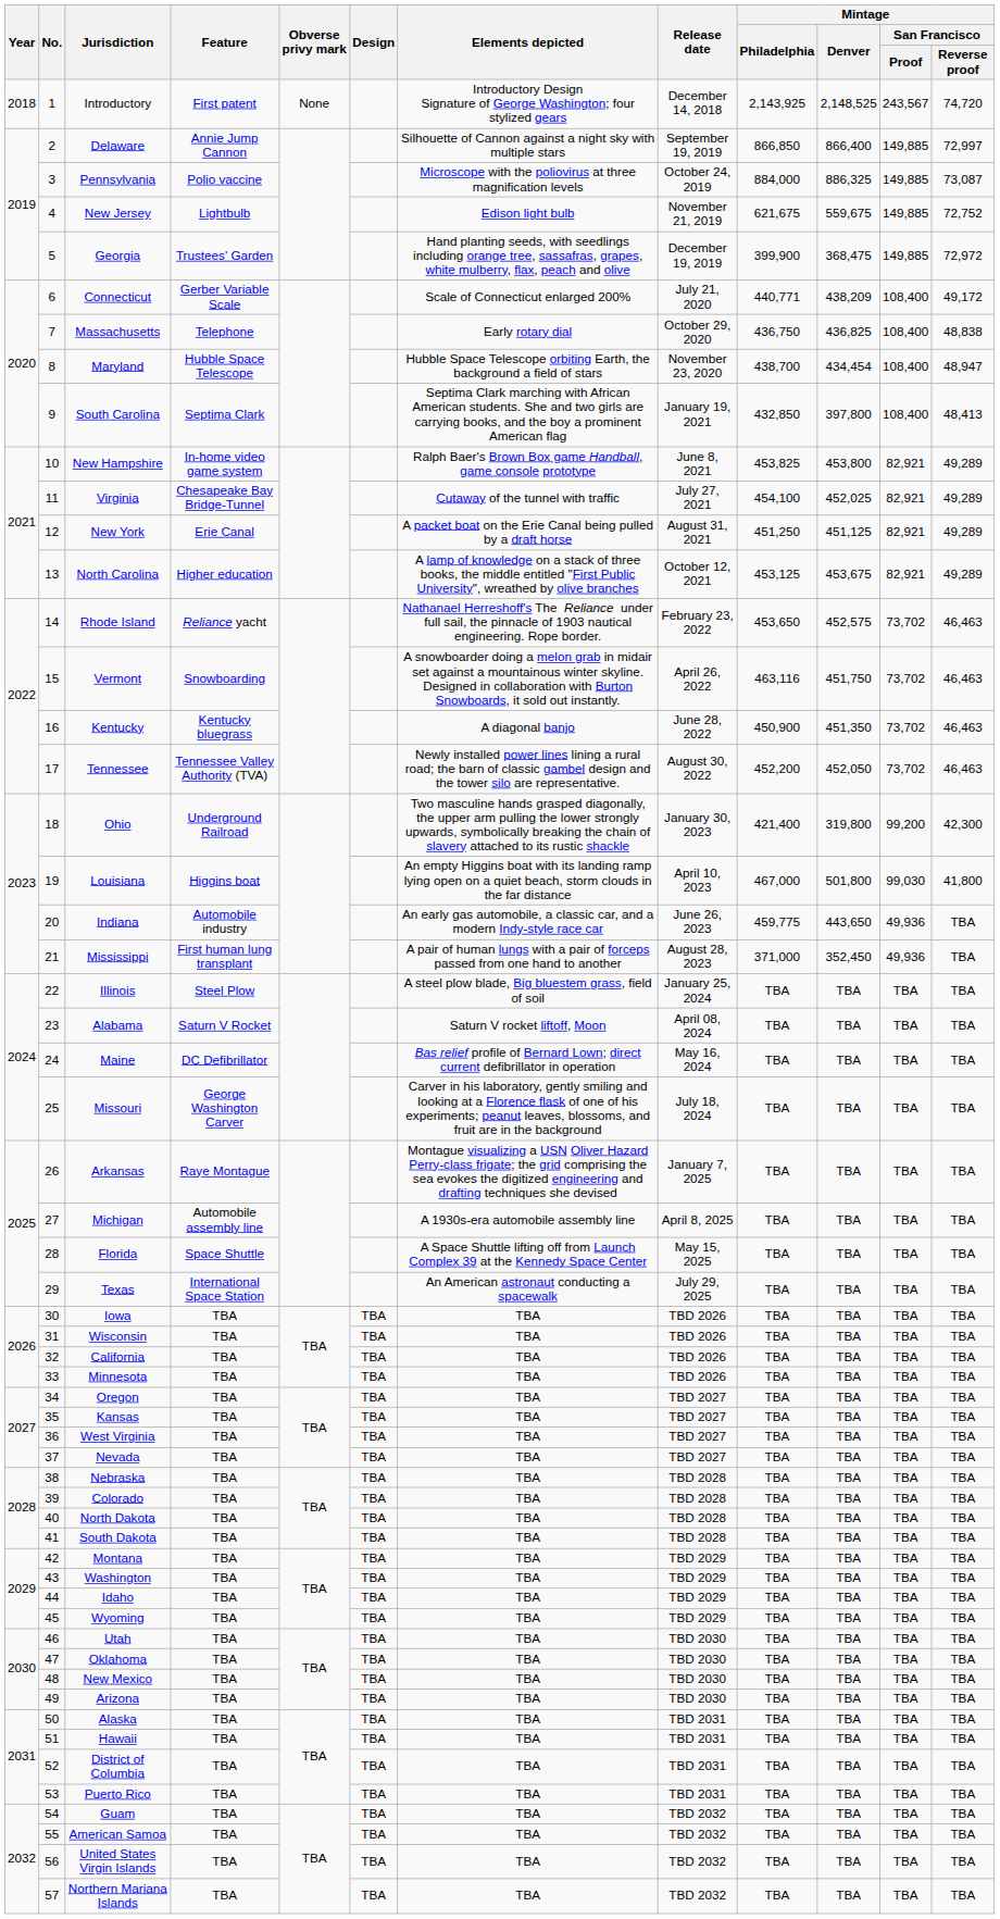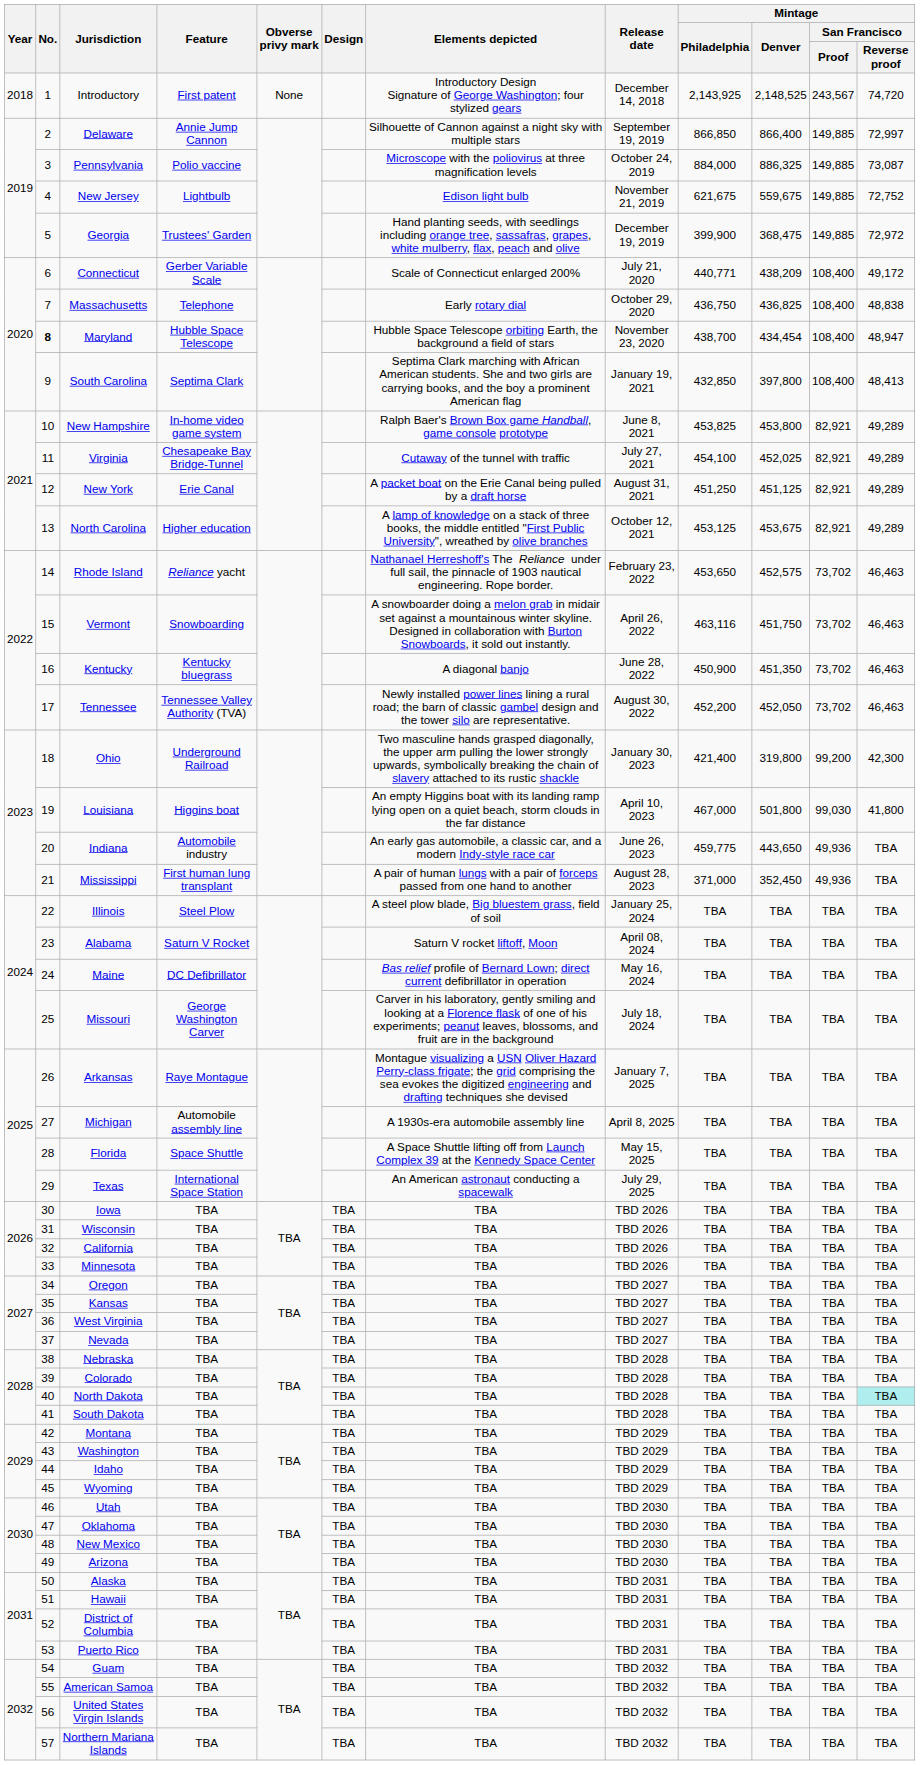 <table class="wikitable sortable" style="text-align: center">
 <tr>
 <th rowspan="3">Year</th>
 <th rowspan="3">No.</th>
 <th rowspan="3">Jurisdiction</th>
 <th rowspan="3">Feature</th>
 <th rowspan="3">Obverse privy mark</th>
 <th rowspan="3">Design</th>
 <th rowspan="3">Elements depicted</th>
 <th rowspan="3">Release date</th>
 <th colspan="4">Mintage</th>
 </tr>
 <tr>
 <th rowspan="2">Philadelphia</th>
 <th rowspan="2">Denver</th>
 <th colspan="2">San Francisco</th>
 </tr>
 <tr>
 <th>Proof</th>
 <th>Reverse proof</th>
 </tr>
 <tr>
 <td rowspan="1">2018</td>
 <td>1</td>
 <td>Introductory</td>
 <td><a href='#'>First patent</a></td>
 <td>None</td>
 <td></td>
 <td>Introductory Design<br>Signature of <a href='#'>George Washington</a>; four stylized <a href='#'>gears</a></td>
 <td>December 14, 2018</td>
 <td>2,143,925</td>
 <td>2,148,525</td>
 <td>243,567</td>
 <td>74,720</td>
 </tr>
 <tr>
 <td rowspan="4">2019</td>
 <td>2</td>
 <td><a href='#'>Delaware</a></td>
 <td><a href='#'>Annie Jump Cannon</a></td>
 <td rowspan="4"></td>
 <td></td>
 <td>Silhouette of Cannon against a night sky with multiple stars</td>
 <td>September 19, 2019</td>
 <td>866,850</td>
 <td>866,400</td>
 <td>149,885</td>
 <td>72,997</td>
 </tr>
 <tr>
 <td>3</td>
 <td><a href='#'>Pennsylvania</a></td>
 <td><a href='#'>Polio vaccine</a></td>
 <td></td>
 <td><a href='#'>Microscope</a> with the <a href='#'>poliovirus</a> at three magnification levels</td>
 <td>October 24, 2019</td>
 <td>884,000</td>
 <td>886,325</td>
 <td>149,885</td>
 <td>73,087</td>
 </tr>
 <tr>
 <td>4</td>
 <td><a href='#'>New Jersey</a></td>
 <td><a href='#'>Lightbulb</a></td>
 <td></td>
 <td><a href='#'>Edison light bulb</a></td>
 <td>November 21, 2019</td>
 <td>621,675</td>
 <td>559,675</td>
 <td>149,885</td>
 <td>72,752</td>
 </tr>
 <tr>
 <td>5</td>
 <td><a href='#'>Georgia</a></td>
 <td><a href='#'>Trustees' Garden</a></td>
 <td></td>
 <td>Hand planting seeds, with seedlings including <a href='#'>orange tree</a>, <a href='#'>sassafras</a>, <a href='#'>grapes</a>, <a href='#'>white mulberry</a>, <a href='#'>flax</a>, <a href='#'>peach</a> and <a href='#'>olive</a></td>
 <td>December 19, 2019</td>
 <td>399,900</td>
 <td>368,475</td>
 <td>149,885</td>
 <td>72,972</td>
 </tr>
 <tr>
 <td rowspan="4">2020</td>
 <td>6</td>
 <td><a href='#'>Connecticut</a></td>
 <td><a href='#'>Gerber Variable Scale</a></td>
 <td rowspan="4"></td>
 <td></td>
 <td>Scale of Connecticut enlarged 200%</td>
 <td>July 21, 2020</td>
 <td>440,771</td>
 <td>438,209</td>
 <td>108,400</td>
 <td>49,172</td>
 </tr>
 <tr>
 <td>7</td>
 <td><a href='#'>Massachusetts</a></td>
 <td><a href='#'>Telephone</a></td>
 <td><br></td>
 <td>Early <a href='#'>rotary dial</a></td>
 <td>October 29, 2020</td>
 <td>436,750</td>
 <td>436,825</td>
 <td>108,400</td>
 <td>48,838</td>
 </tr>
 <tr>
-<td>8</td>
+<td><strong>8</strong></td>
 <td><a href='#'>Maryland</a></td>
 <td><a href='#'>Hubble Space Telescope</a></td>
 <td></td>
 <td>Hubble Space Telescope <a href='#'>orbiting</a> Earth, the background a field of stars</td>
 <td>November 23, 2020</td>
 <td>438,700</td>
 <td>434,454</td>
 <td>108,400</td>
 <td>48,947</td>
 </tr>
 <tr>
 <td>9</td>
 <td><a href='#'>South Carolina</a></td>
 <td><a href='#'>Septima Clark</a></td>
 <td></td>
 <td>Septima Clark marching with African American students. She and two girls are carrying books, and the boy a prominent American flag</td>
 <td>January 19, 2021</td>
 <td>432,850</td>
 <td>397,800</td>
 <td>108,400</td>
 <td>48,413</td>
 </tr>
 <tr>
 <td rowspan="4">2021</td>
 <td>10</td>
 <td><a href='#'>New Hampshire</a></td>
 <td><a href='#'>In-home video game system</a></td>
 <td rowspan="4"></td>
 <td></td>
 <td>Ralph Baer's <a href='#'>Brown Box game <em>Handball</em></a>, <a href='#'>game console</a> <a href='#'>prototype</a></td>
 <td>June 8, 2021</td>
 <td>453,825</td>
 <td>453,800</td>
 <td>82,921</td>
 <td>49,289</td>
 </tr>
 <tr>
 <td>11</td>
 <td><a href='#'>Virginia</a></td>
 <td><a href='#'>Chesapeake Bay Bridge-Tunnel</a></td>
 <td></td>
 <td><a href='#'>Cutaway</a> of the tunnel with traffic</td>
 <td>July 27, 2021</td>
 <td>454,100</td>
 <td>452,025</td>
 <td>82,921</td>
 <td>49,289</td>
 </tr>
 <tr>
 <td>12</td>
 <td><a href='#'>New York</a></td>
 <td><a href='#'>Erie Canal</a></td>
 <td></td>
 <td>A <a href='#'>packet boat</a> on the Erie Canal being pulled by a <a href='#'>draft horse</a></td>
 <td>August 31, 2021</td>
 <td>451,250</td>
 <td>451,125</td>
 <td>82,921</td>
 <td>49,289</td>
 </tr>
 <tr>
 <td>13</td>
 <td><a href='#'>North Carolina</a></td>
 <td><a href='#'>Higher education</a></td>
 <td></td>
 <td>A <a href='#'>lamp of knowledge</a> on a stack of three books, the middle entitled "<a href='#'>First Public University</a>", wreathed by <a href='#'>olive branches</a> </td>
 <td>October 12, 2021</td>
 <td>453,125</td>
 <td>453,675</td>
 <td>82,921</td>
 <td>49,289</td>
 </tr>
 <tr>
 <td rowspan="4">2022</td>
 <td>14</td>
 <td><a href='#'>Rhode Island</a></td>
 <td><em><a href='#'>Reliance</a></em> yacht</td>
 <td rowspan="4"></td>
 <td></td>
 <td><a href='#'>Nathanael Herreshoff's</a> The  <em>Reliance</em>  under full sail, the pinnacle of 1903 nautical engineering. Rope border.</td>
 <td>February 23, 2022</td>
 <td>453,650</td>
 <td>452,575</td>
 <td>73,702</td>
 <td>46,463</td>
 </tr>
 <tr>
 <td>15</td>
 <td><a href='#'>Vermont</a></td>
 <td><a href='#'>Snowboarding</a></td>
 <td></td>
 <td>A snowboarder doing a <a href='#'>melon grab</a> in midair set against a mountainous winter skyline. Designed in collaboration with <a href='#'>Burton Snowboards</a>, it sold out instantly.</td>
 <td>April 26, 2022</td>
 <td>463,116</td>
 <td>451,750</td>
 <td>73,702</td>
 <td>46,463</td>
 </tr>
 <tr>
 <td>16</td>
 <td><a href='#'>Kentucky</a></td>
 <td><a href='#'>Kentucky bluegrass</a></td>
 <td></td>
 <td>A diagonal <a href='#'>banjo</a></td>
 <td>June 28, 2022</td>
 <td>450,900</td>
 <td>451,350</td>
 <td>73,702</td>
 <td>46,463</td>
 </tr>
 <tr>
 <td>17</td>
 <td><a href='#'>Tennessee</a></td>
 <td><a href='#'>Tennessee Valley Authority</a> (TVA)</td>
 <td></td>
 <td>Newly installed <a href='#'>power lines</a> lining a rural road; the barn of classic <a href='#'>gambel</a> design and the tower <a href='#'>silo</a> are representative.</td>
 <td>August 30, 2022</td>
 <td>452,200</td>
 <td>452,050</td>
 <td>73,702</td>
 <td>46,463</td>
 </tr>
 <tr>
 <td rowspan="4">2023</td>
 <td>18</td>
 <td><a href='#'>Ohio</a></td>
 <td><a href='#'>Underground Railroad</a></td>
 <td rowspan="4"></td>
 <td></td>
 <td>Two masculine hands grasped diagonally, the upper arm pulling the lower strongly upwards, symbolically breaking the chain of <a href='#'>slavery</a> attached to its rustic <a href='#'>shackle</a></td>
 <td>January 30, 2023</td>
 <td>421,400</td>
 <td>319,800</td>
 <td>99,200</td>
 <td>42,300</td>
 </tr>
 <tr>
 <td>19</td>
 <td><a href='#'>Louisiana</a></td>
 <td><a href='#'>Higgins boat</a></td>
 <td></td>
 <td>An empty Higgins boat with its landing ramp lying open on a quiet beach, storm clouds in the far distance</td>
 <td>April 10, 2023</td>
 <td>467,000</td>
 <td>501,800</td>
 <td>99,030</td>
 <td>41,800</td>
 </tr>
 <tr>
 <td>20</td>
 <td><a href='#'>Indiana</a></td>
 <td><a href='#'>Automobile</a> industry</td>
 <td></td>
 <td>An early gas automobile, a classic car, and a modern <a href='#'>Indy-style race car</a></td>
 <td>June 26, 2023</td>
 <td>459,775</td>
 <td>443,650</td>
 <td>49,936</td>
 <td>TBA</td>
 </tr>
 <tr>
 <td>21</td>
 <td><a href='#'>Mississippi</a></td>
 <td><a href='#'>First human lung transplant</a></td>
 <td></td>
 <td>A pair of human <a href='#'>lungs</a> with a pair of <a href='#'>forceps</a> passed from one hand to another</td>
 <td>August 28, 2023</td>
 <td>371,000</td>
 <td>352,450</td>
 <td>49,936</td>
 <td>TBA</td>
 </tr>
 <tr>
 <td rowspan="4">2024</td>
 <td>22</td>
 <td><a href='#'>Illinois</a></td>
 <td><a href='#'>Steel Plow</a></td>
 <td rowspan="4"></td>
 <td></td>
 <td>A steel plow blade, <a href='#'>Big bluestem grass</a>, field of soil</td>
 <td>January 25, 2024</td>
 <td>TBA</td>
 <td>TBA</td>
 <td>TBA</td>
 <td>TBA</td>
 </tr>
 <tr>
 <td>23</td>
 <td><a href='#'>Alabama</a></td>
 <td><a href='#'>Saturn V Rocket</a></td>
 <td></td>
 <td>Saturn V rocket <a href='#'>liftoff</a>, <a href='#'>Moon</a></td>
 <td>April 08, 2024</td>
 <td>TBA</td>
 <td>TBA</td>
 <td>TBA</td>
 <td>TBA</td>
 </tr>
 <tr>
 <td>24</td>
 <td><a href='#'>Maine</a></td>
 <td><a href='#'>DC Defibrillator</a></td>
 <td></td>
 <td><i><a href='#'>Bas relief</a></i> profile of <a href='#'>Bernard Lown</a>; <a href='#'>direct current</a> defibrillator in operation</td>
 <td>May 16, 2024</td>
 <td>TBA</td>
 <td>TBA</td>
 <td>TBA</td>
 <td>TBA</td>
 </tr>
 <tr>
 <td>25</td>
 <td><a href='#'>Missouri</a></td>
 <td><a href='#'>George Washington Carver</a></td>
 <td></td>
 <td>Carver in his laboratory, gently smiling and looking at a <a href='#'>Florence flask</a> of one of his experiments; <a href='#'>peanut</a> leaves, blossoms, and fruit are in the background</td>
 <td>July 18, 2024</td>
 <td>TBA</td>
 <td>TBA</td>
 <td>TBA</td>
 <td>TBA</td>
 </tr>
 <tr>
 <td rowspan="4">2025</td>
 <td>26</td>
 <td><a href='#'>Arkansas</a></td>
 <td><a href='#'>Raye Montague</a></td>
 <td rowspan="4"></td>
 <td></td>
 <td>Montague <a href='#'>visualizing</a> a <a href='#'>USN</a> <a href='#'>Oliver Hazard Perry-class frigate</a>; the <a href='#'>grid</a> comprising the sea evokes the digitized <a href='#'>engineering</a> and  <a href='#'>drafting</a> techniques she devised</td>
 <td>January 7, 2025</td>
 <td>TBA</td>
 <td>TBA</td>
 <td>TBA</td>
 <td>TBA</td>
 </tr>
 <tr>
 <td>27</td>
 <td><a href='#'>Michigan</a></td>
 <td>Automobile <a href='#'>assembly line</a></td>
 <td></td>
 <td>A 1930s-era automobile assembly line</td>
 <td>April 8, 2025</td>
 <td>TBA</td>
 <td>TBA</td>
 <td>TBA</td>
 <td>TBA</td>
 </tr>
 <tr>
 <td>28</td>
 <td><a href='#'>Florida</a></td>
 <td><a href='#'>Space Shuttle</a></td>
 <td></td>
 <td>A Space Shuttle lifting off from <a href='#'>Launch Complex 39</a> at the <a href='#'>Kennedy Space Center</a></td>
 <td>May 15, 2025</td>
 <td>TBA</td>
 <td>TBA</td>
 <td>TBA</td>
 <td>TBA</td>
 </tr>
 <tr>
 <td>29</td>
 <td><a href='#'>Texas</a></td>
 <td><a href='#'>International Space Station</a></td>
 <td></td>
 <td>An American <a href='#'>astronaut</a> conducting a <a href='#'>spacewalk</a></td>
 <td>July 29, 2025</td>
 <td>TBA</td>
 <td>TBA</td>
 <td>TBA</td>
 <td>TBA</td>
 </tr>
 <tr>
 <td rowspan="4">2026</td>
 <td>30</td>
 <td><a href='#'>Iowa</a></td>
 <td>TBA</td>
 <td rowspan="4">TBA</td>
 <td>TBA</td>
 <td>TBA</td>
 <td>TBD 2026</td>
 <td>TBA</td>
 <td>TBA</td>
 <td>TBA</td>
 <td>TBA</td>
 </tr>
 <tr>
 <td>31</td>
 <td><a href='#'>Wisconsin</a></td>
 <td>TBA</td>
 <td>TBA</td>
 <td>TBA</td>
 <td>TBD 2026</td>
 <td>TBA</td>
 <td>TBA</td>
 <td>TBA</td>
 <td>TBA</td>
 </tr>
 <tr>
 <td>32</td>
 <td><a href='#'>California</a></td>
 <td>TBA</td>
 <td>TBA</td>
 <td>TBA</td>
 <td>TBD 2026</td>
 <td>TBA</td>
 <td>TBA</td>
 <td>TBA</td>
 <td>TBA</td>
 </tr>
 <tr>
 <td>33</td>
 <td><a href='#'>Minnesota</a></td>
 <td>TBA</td>
 <td>TBA</td>
 <td>TBA</td>
 <td>TBD 2026</td>
 <td>TBA</td>
 <td>TBA</td>
 <td>TBA</td>
 <td>TBA</td>
 </tr>
 <tr>
 <td rowspan="4">2027</td>
 <td>34</td>
 <td><a href='#'>Oregon</a></td>
 <td>TBA</td>
 <td rowspan="4">TBA</td>
 <td>TBA</td>
 <td>TBA</td>
 <td>TBD 2027</td>
 <td>TBA</td>
 <td>TBA</td>
 <td>TBA</td>
 <td>TBA</td>
 </tr>
 <tr>
 <td>35</td>
 <td><a href='#'>Kansas</a></td>
 <td>TBA</td>
 <td>TBA</td>
 <td>TBA</td>
 <td>TBD 2027</td>
 <td>TBA</td>
 <td>TBA</td>
 <td>TBA</td>
 <td>TBA</td>
 </tr>
 <tr>
 <td>36</td>
 <td><a href='#'>West Virginia</a></td>
 <td>TBA</td>
 <td>TBA</td>
 <td>TBA</td>
 <td>TBD 2027</td>
 <td>TBA</td>
 <td>TBA</td>
 <td>TBA</td>
 <td>TBA</td>
 </tr>
 <tr>
 <td>37</td>
 <td><a href='#'>Nevada</a></td>
 <td>TBA</td>
 <td>TBA</td>
 <td>TBA</td>
 <td>TBD 2027</td>
 <td>TBA</td>
 <td>TBA</td>
 <td>TBA</td>
 <td>TBA</td>
 </tr>
 <tr>
 <td rowspan="4">2028</td>
 <td>38</td>
 <td><a href='#'>Nebraska</a></td>
 <td>TBA</td>
 <td rowspan="4">TBA</td>
 <td>TBA</td>
 <td>TBA</td>
 <td>TBD 2028</td>
 <td>TBA</td>
 <td>TBA</td>
 <td>TBA</td>
 <td>TBA</td>
 </tr>
 <tr>
 <td>39</td>
 <td><a href='#'>Colorado</a></td>
 <td>TBA</td>
 <td>TBA</td>
 <td>TBA</td>
 <td>TBD 2028</td>
 <td>TBA</td>
 <td>TBA</td>
 <td>TBA</td>
 <td>TBA</td>
 </tr>
 <tr>
 <td>40</td>
 <td><a href='#'>North Dakota</a></td>
 <td>TBA</td>
 <td>TBA</td>
 <td>TBA</td>
 <td>TBD 2028</td>
 <td>TBA</td>
 <td>TBA</td>
 <td>TBA</td>
-<td>TBA</td>
+<td style="background: paleturquoise;">TBA</td>
 </tr>
 <tr>
 <td>41</td>
 <td><a href='#'>South Dakota</a></td>
 <td>TBA</td>
 <td>TBA</td>
 <td>TBA</td>
 <td>TBD 2028</td>
 <td>TBA</td>
 <td>TBA</td>
 <td>TBA</td>
 <td>TBA</td>
 </tr>
 <tr>
 <td rowspan="4">2029</td>
 <td>42</td>
 <td><a href='#'>Montana</a></td>
 <td>TBA</td>
 <td rowspan="4">TBA</td>
 <td>TBA</td>
 <td>TBA</td>
 <td>TBD 2029</td>
 <td>TBA</td>
 <td>TBA</td>
 <td>TBA</td>
 <td>TBA</td>
 </tr>
 <tr>
 <td>43</td>
 <td><a href='#'>Washington</a></td>
 <td>TBA</td>
 <td>TBA</td>
 <td>TBA</td>
 <td>TBD 2029</td>
 <td>TBA</td>
 <td>TBA</td>
 <td>TBA</td>
 <td>TBA</td>
 </tr>
 <tr>
 <td>44</td>
 <td><a href='#'>Idaho</a></td>
 <td>TBA</td>
 <td>TBA</td>
 <td>TBA</td>
 <td>TBD 2029</td>
 <td>TBA</td>
 <td>TBA</td>
 <td>TBA</td>
 <td>TBA</td>
 </tr>
 <tr>
 <td>45</td>
 <td><a href='#'>Wyoming</a></td>
 <td>TBA</td>
 <td>TBA</td>
 <td>TBA</td>
 <td>TBD 2029</td>
 <td>TBA</td>
 <td>TBA</td>
 <td>TBA</td>
 <td>TBA</td>
 </tr>
 <tr>
 <td rowspan="4">2030</td>
 <td>46</td>
 <td><a href='#'>Utah</a></td>
 <td>TBA</td>
 <td rowspan="4">TBA</td>
 <td>TBA</td>
 <td>TBA</td>
 <td>TBD 2030</td>
 <td>TBA</td>
 <td>TBA</td>
 <td>TBA</td>
 <td>TBA</td>
 </tr>
 <tr>
 <td>47</td>
 <td><a href='#'>Oklahoma</a></td>
 <td>TBA</td>
 <td>TBA</td>
 <td>TBA</td>
 <td>TBD 2030</td>
 <td>TBA</td>
 <td>TBA</td>
 <td>TBA</td>
 <td>TBA</td>
 </tr>
 <tr>
 <td>48</td>
 <td><a href='#'>New Mexico</a></td>
 <td>TBA</td>
 <td>TBA</td>
 <td>TBA</td>
 <td>TBD 2030</td>
 <td>TBA</td>
 <td>TBA</td>
 <td>TBA</td>
 <td>TBA</td>
 </tr>
 <tr>
 <td>49</td>
 <td><a href='#'>Arizona</a></td>
 <td>TBA</td>
 <td>TBA</td>
 <td>TBA</td>
 <td>TBD 2030</td>
 <td>TBA</td>
 <td>TBA</td>
 <td>TBA</td>
 <td>TBA</td>
 </tr>
 <tr>
 <td rowspan="4">2031</td>
 <td>50</td>
 <td><a href='#'>Alaska</a></td>
 <td>TBA</td>
 <td rowspan="4">TBA</td>
 <td>TBA</td>
 <td>TBA</td>
 <td>TBD 2031</td>
 <td>TBA</td>
 <td>TBA</td>
 <td>TBA</td>
 <td>TBA</td>
 </tr>
 <tr>
 <td>51</td>
 <td><a href='#'>Hawaii</a></td>
 <td>TBA</td>
 <td>TBA</td>
 <td>TBA</td>
 <td>TBD 2031</td>
 <td>TBA</td>
 <td>TBA</td>
 <td>TBA</td>
 <td>TBA</td>
 </tr>
 <tr>
 <td>52</td>
 <td><a href='#'>District of Columbia</a></td>
 <td>TBA</td>
 <td>TBA</td>
 <td>TBA</td>
 <td>TBD 2031</td>
 <td>TBA</td>
 <td>TBA</td>
 <td>TBA</td>
 <td>TBA</td>
 </tr>
 <tr>
 <td>53</td>
 <td><a href='#'>Puerto Rico</a></td>
 <td>TBA</td>
 <td>TBA</td>
 <td>TBA</td>
 <td>TBD 2031</td>
 <td>TBA</td>
 <td>TBA</td>
 <td>TBA</td>
 <td>TBA</td>
 </tr>
 <tr>
 <td rowspan="4">2032</td>
 <td>54</td>
 <td><a href='#'>Guam</a></td>
 <td>TBA</td>
 <td rowspan="4">TBA</td>
 <td>TBA</td>
 <td>TBA</td>
 <td>TBD 2032</td>
 <td>TBA</td>
 <td>TBA</td>
 <td>TBA</td>
 <td>TBA</td>
 </tr>
 <tr>
 <td>55</td>
 <td><a href='#'>American Samoa</a></td>
 <td>TBA</td>
 <td>TBA</td>
 <td>TBA</td>
 <td>TBD 2032</td>
 <td>TBA</td>
 <td>TBA</td>
 <td>TBA</td>
 <td>TBA</td>
 </tr>
 <tr>
 <td>56</td>
 <td><a href='#'>United States Virgin Islands</a></td>
 <td>TBA</td>
 <td>TBA</td>
 <td>TBA</td>
 <td>TBD 2032</td>
 <td>TBA</td>
 <td>TBA</td>
 <td>TBA</td>
 <td>TBA</td>
 </tr>
 <tr>
 <td>57</td>
 <td><a href='#'>Northern Mariana Islands</a></td>
 <td>TBA</td>
 <td>TBA</td>
 <td>TBA</td>
 <td>TBD 2032</td>
 <td>TBA</td>
 <td>TBA</td>
 <td>TBA</td>
 <td>TBA</td>
 </tr>
 </table>
